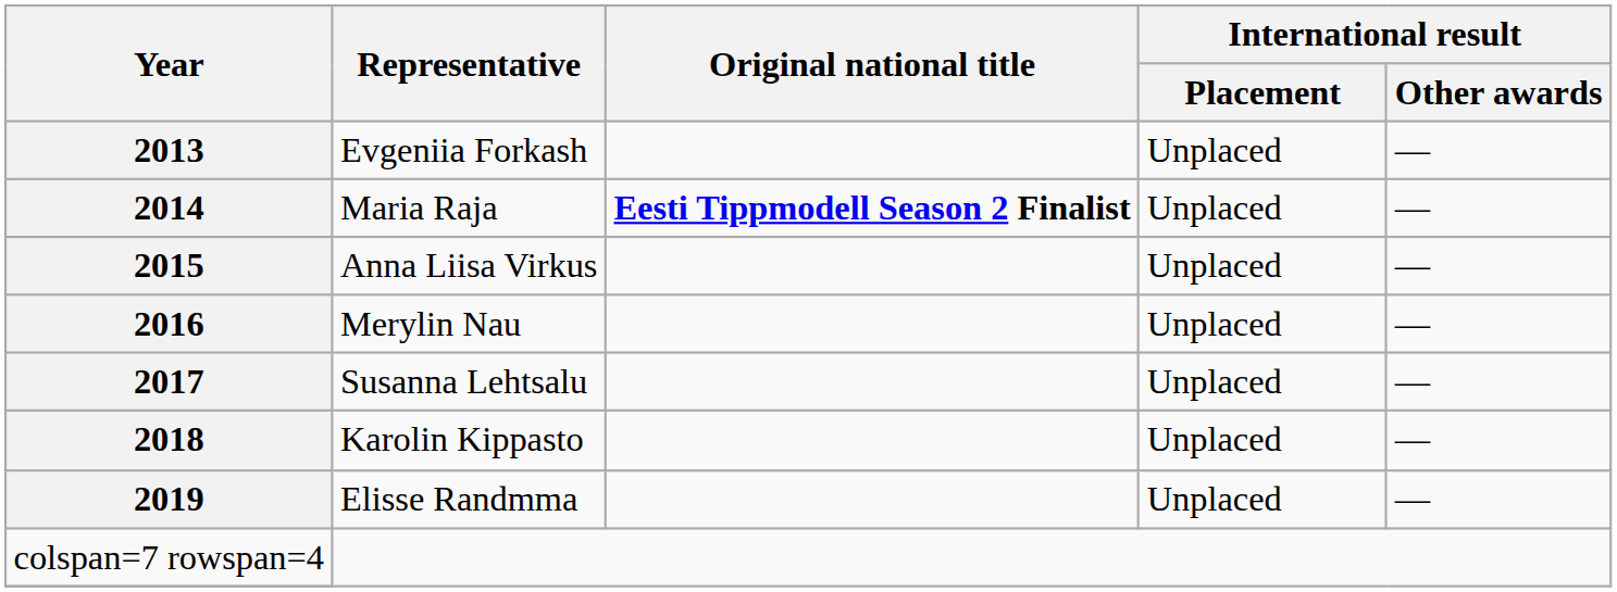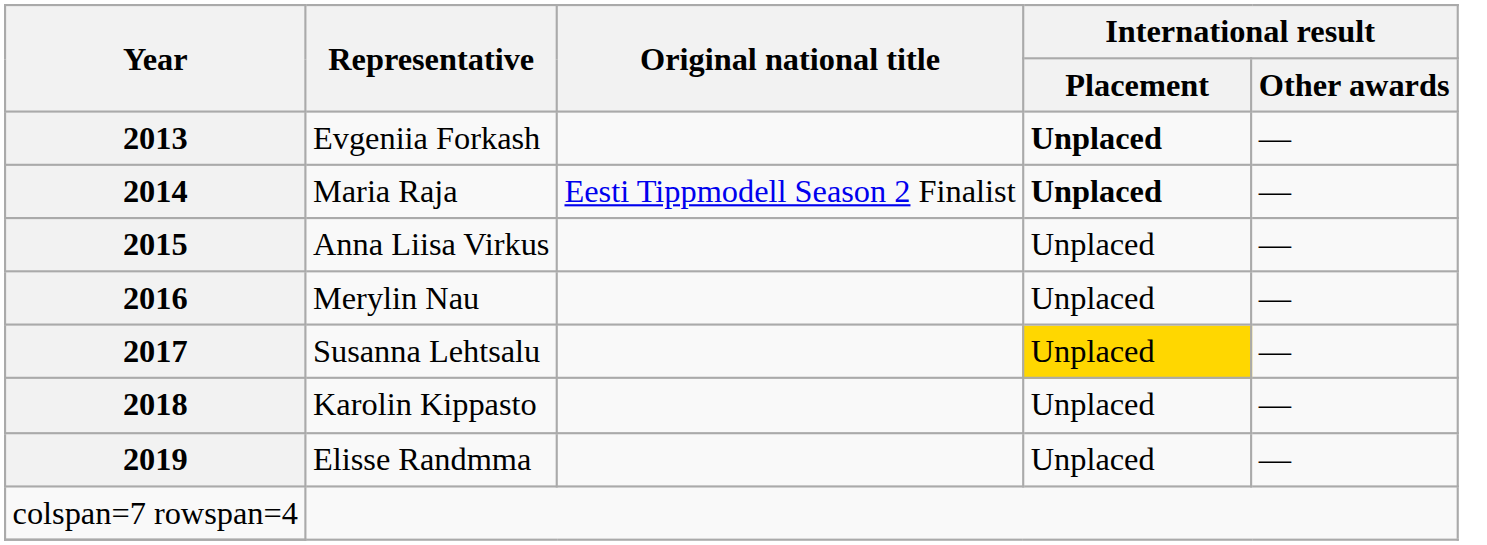 <table class="wikitable defaultcenter col2left" style="font-size:95%;">
 <tr>
 <th rowspan=2>Year</th>
 <th rowspan=2>Representative</th>
 <th rowspan=2>Original national title</th>
 <th colspan=2>International result</th>
 </tr>
 <tr>
 <th width=100px>Placement</th>
 <th>Other awards</th>
 </tr>
 <tr>
 <th>2013</th>
 <td>Evgeniia Forkash</td>
 <td></td>
-<td>Unplaced</td>
+<td><strong>Unplaced</strong></td>
 <td>—</td>
 </tr>
 <tr>
 <th>2014</th>
 <td>Maria Raja</td>
-<td><strong><a href='#'>Eesti Tippmodell Season 2</a> Finalist</strong></td>
-<td>Unplaced</td>
+<td><a href='#'>Eesti Tippmodell Season 2</a> Finalist</td>
+<td><strong>Unplaced</strong></td>
 <td>—</td>
 </tr>
 <tr>
 <th>2015</th>
 <td>Anna Liisa Virkus</td>
 <td></td>
 <td>Unplaced</td>
 <td>—</td>
 </tr>
 <tr>
 <th>2016</th>
 <td>Merylin Nau</td>
 <td></td>
 <td>Unplaced</td>
 <td>—</td>
 </tr>
 <tr>
 <th>2017</th>
 <td>Susanna Lehtsalu</td>
 <td></td>
-<td>Unplaced</td>
+<td style="background: gold;">Unplaced</td>
 <td>—</td>
 </tr>
 <tr>
 <th>2018</th>
 <td>Karolin Kippasto</td>
 <td></td>
 <td>Unplaced</td>
 <td>—</td>
 </tr>
 <tr>
 <th>2019</th>
 <td>Elisse Randmma</td>
 <td></td>
 <td>Unplaced</td>
 <td>—</td>
 </tr>
 <tr>
 <td>colspan=7 rowspan=4</td>
 </tr>
 <tr>
 </tr>
 </table>
